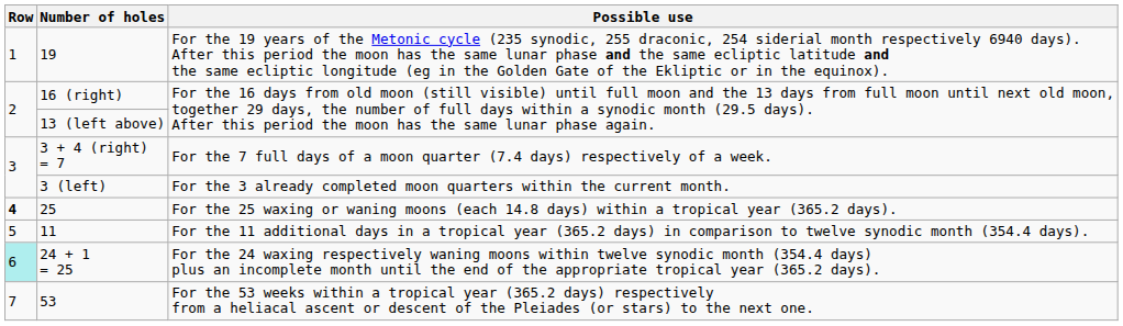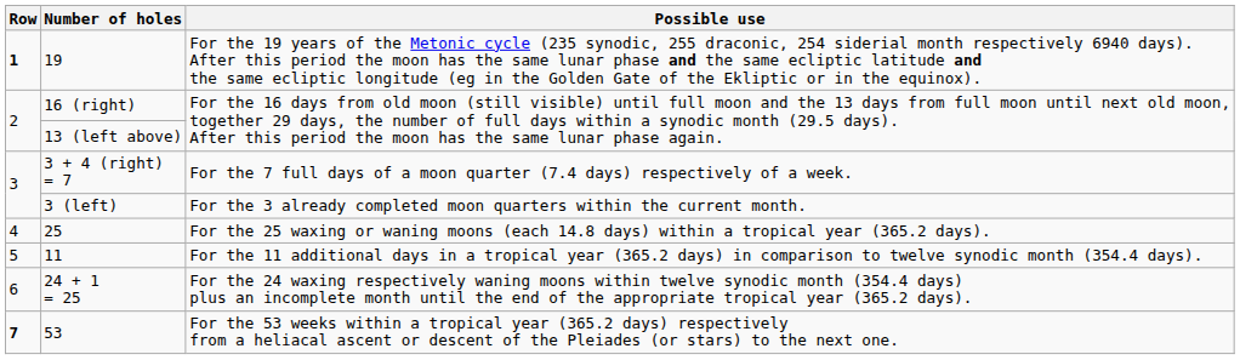 <table class="wikitable">
 <tr>
 <th title="Row">Row</th>
 <th title="Number of holes">Number of holes</th>
 <th title="Possible use">Possible use</th>
 </tr>
 <tr>
-<td>1</td>
+<td><strong>1</strong></td>
 <td>19</td>
 <td>For the 19 years of the <a href='#'>Metonic cycle</a> (235 synodic, 255 draconic, 254 siderial month respectively 6940 days).<br>After this period the moon has the same lunar phase <strong>and</strong> the same ecliptic latitude <strong>and</strong><br>the same  ecliptic longitude (eg in the Golden Gate of the Ekliptic or in the equinox).</td>
 </tr>
 <tr>
 <td rowspan=2>2</td>
 <td>16 (right)</td>
 <td rowspan=2>For the 16 days from old moon (still visible) until full moon and the 13 days from full moon until next old moon,<br>together 29 days, the number of full days within a synodic month (29.5 days).<br>After this period the moon has the same lunar phase again.</td>
 </tr>
 <tr>
 <td>13 (left above)</td>
 </tr>
 <tr>
 <td rowspan=2>3</td>
 <td>3 + 4 (right)<br>= 7</td>
 <td>For the 7 full days of a moon quarter (7.4 days) respectively of a week.</td>
 </tr>
 <tr>
 <td>3 (left)</td>
 <td>For the 3 already completed moon quarters within the current month.</td>
 </tr>
 <tr>
-<td><strong>4</strong></td>
+<td>4</td>
 <td>25</td>
 <td>For the 25 waxing or waning moons (each 14.8 days) within a tropical year (365.2 days).</td>
 </tr>
 <tr>
 <td>5</td>
 <td>11</td>
 <td>For the 11 additional days in a tropical year (365.2 days) in comparison to twelve synodic month (354.4 days).</td>
 </tr>
 <tr>
-<td style="background: paleturquoise;">6</td>
+<td>6</td>
 <td>24 + 1<br>= 25</td>
 <td>For the 24 waxing respectively waning moons within twelve synodic month (354.4 days)<br>plus an incomplete month until the end of the appropriate tropical year (365.2 days).</td>
 </tr>
 <tr>
-<td>7</td>
+<td><strong>7</strong></td>
 <td>53</td>
 <td>For the 53 weeks within a tropical year (365.2 days) respectively<br>from a heliacal ascent or descent of the Pleiades (or stars) to the next one.</td>
 </tr>
 </table>
